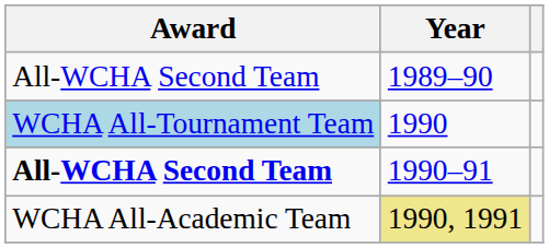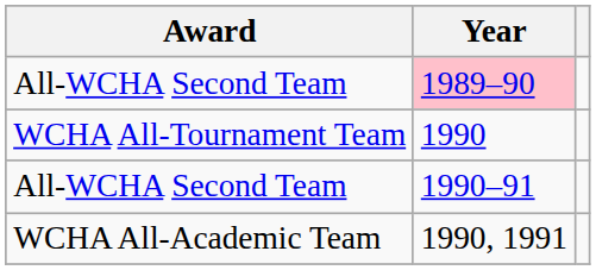 <table class="wikitable">
 <tr>
 <th>Award</th>
 <th>Year</th>
 <th></th>
 </tr>
 <tr>
 <td>All-<a href='#'>WCHA</a> <a href='#'>Second Team</a></td>
-<td><a href='#'>1989–90</a></td>
+<td style="background: pink;"><a href='#'>1989–90</a></td>
 <td></td>
 </tr>
 <tr>
-<td style="background: lightblue;"><a href='#'>WCHA</a> <a href='#'>All-Tournament Team</a></td>
+<td><a href='#'>WCHA</a> <a href='#'>All-Tournament Team</a></td>
 <td><a href='#'>1990</a></td>
 <td></td>
 </tr>
 <tr>
-<td><strong>All-<a href='#'>WCHA</a> <a href='#'>Second Team</a></strong></td>
+<td>All-<a href='#'>WCHA</a> <a href='#'>Second Team</a></td>
 <td><a href='#'>1990–91</a></td>
 <td></td>
 </tr>
 <tr>
 <td>WCHA All-Academic Team</td>
-<td style="background: khaki;">1990, 1991</td>
+<td>1990, 1991</td>
 <td></td>
 </tr>
 </table>
